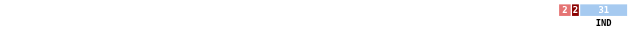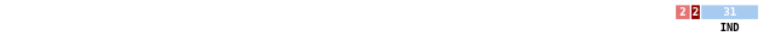 <table style="width:80%; text-align:center;">
 <tr style="color:white;">
-<td style="background:"><strong>5</strong></td>
+<td style="background:"><strong>58</strong></td>
 <td style="background:"><strong>9</strong></td>
 <td style="background:"><strong>9</strong></td>
-<td style="background:"><strong>58</strong></td>
+<td style="background:"><strong>5</strong></td>
 <td style="background:#e57373; width:1.74%;"><strong>2</strong></td>
 <td style="background:#8b0000; width:0.87%;"><strong>2</strong></td>
 <td style="background:#a6caf0; width:6.96%;"><strong>31</strong></td>
 </tr>
 <tr>
 <td></td>
 <td></td>
 <td></td>
 <td></td>
 <td></td>
 <td></td>
 <td><strong>IND</strong></td>
 </tr>
 </table>
